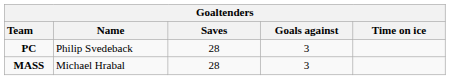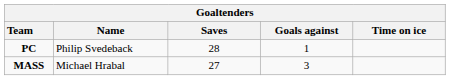 <table class="wikitable" style="width:40em; text-align:right;">
 <tr>
 <th colspan=5>Goaltenders</th>
 </tr>
 <tr>
 <th style="width:4em; text-align:left;">Team</th>
 <th style="width:10em;">Name</th>
 <th style="width:8em;">Saves</th>
 <th style="width:8em;">Goals against</th>
 <th style="width:8em;">Time on ice</th>
 </tr>
 <tr>
 <td align=center><strong>PC</strong></td>
 <td style="text-align:left;">Philip Svedeback</td>
 <td align=center>28</td>
-<td align=center>3</td>
+<td align=center>1</td>
 <td align=center></td>
 </tr>
 <tr>
 <td align=center><strong>MASS</strong></td>
 <td style="text-align:left;">Michael Hrabal</td>
-<td align=center>28</td>
+<td align=center>27</td>
 <td align=center>3</td>
 <td align=center></td>
 </tr>
 </table>
